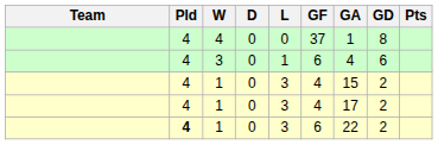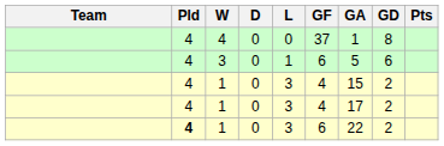 <table class=wikitable style="text-align:center">
 <tr>
 <th width="180">Team</th>
 <th width="30">Pld</th>
 <th width="30">W</th>
 <th width="30">D</th>
 <th width="30">L</th>
 <th width="30">GF</th>
 <th width="30">GA</th>
 <th width="30">GD</th>
 <th width="30">Pts</th>
 </tr>
 <tr bgcolor=ccffcc>
 <td align=left></td>
 <td>4</td>
 <td>4</td>
 <td>0</td>
 <td>0</td>
 <td>37</td>
 <td>1</td>
 <td>8</td>
 <td></td>
 </tr>
 <tr bgcolor=ccffcc>
 <td align=left></td>
 <td>4</td>
 <td>3</td>
 <td>0</td>
 <td>1</td>
 <td>6</td>
-<td>4</td>
+<td>5</td>
 <td>6</td>
 <td></td>
 </tr>
 <tr bgcolor="#ffffcc">
 <td align=left></td>
 <td>4</td>
 <td>1</td>
 <td>0</td>
 <td>3</td>
 <td>4</td>
 <td>15</td>
 <td>2</td>
 <td></td>
 </tr>
 <tr bgcolor="#ffffcc">
 <td align=left></td>
 <td>4</td>
 <td>1</td>
 <td>0</td>
 <td>3</td>
 <td>4</td>
 <td>17</td>
 <td>2</td>
 <td></td>
 </tr>
 <tr bgcolor="#ffffcc">
 <td align=left></td>
 <td><strong>4</strong></td>
 <td>1</td>
 <td>0</td>
 <td>3</td>
 <td>6</td>
 <td>22</td>
 <td>2</td>
 <td></td>
 </tr>
 </table>
